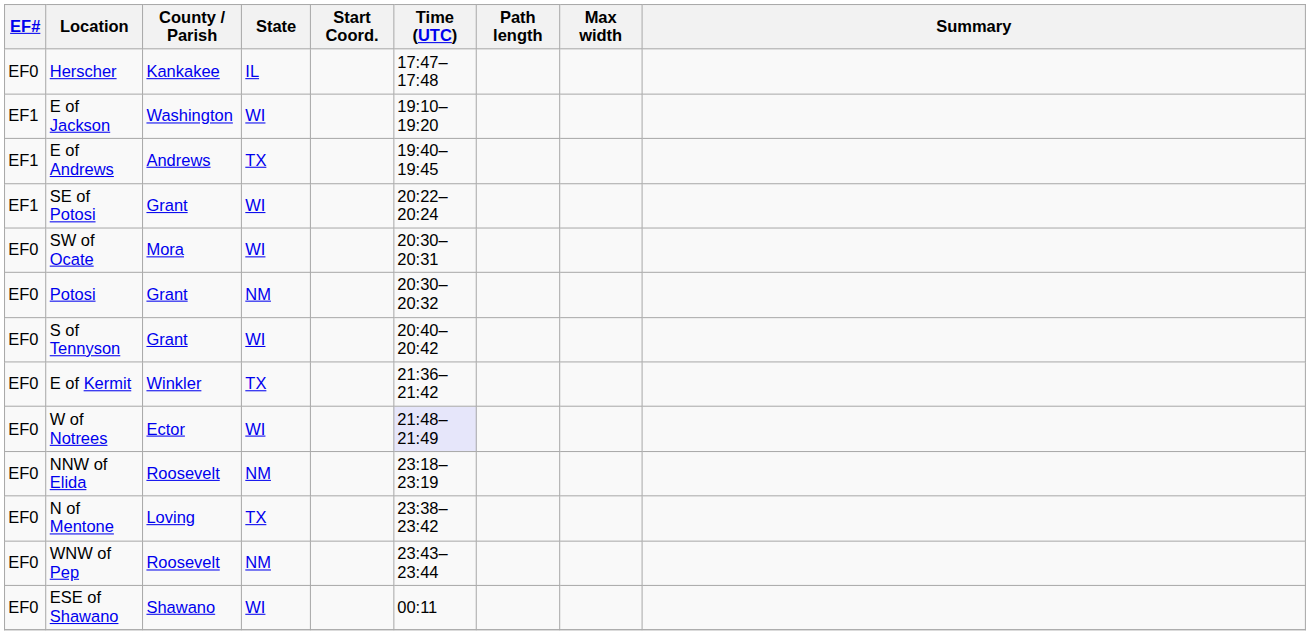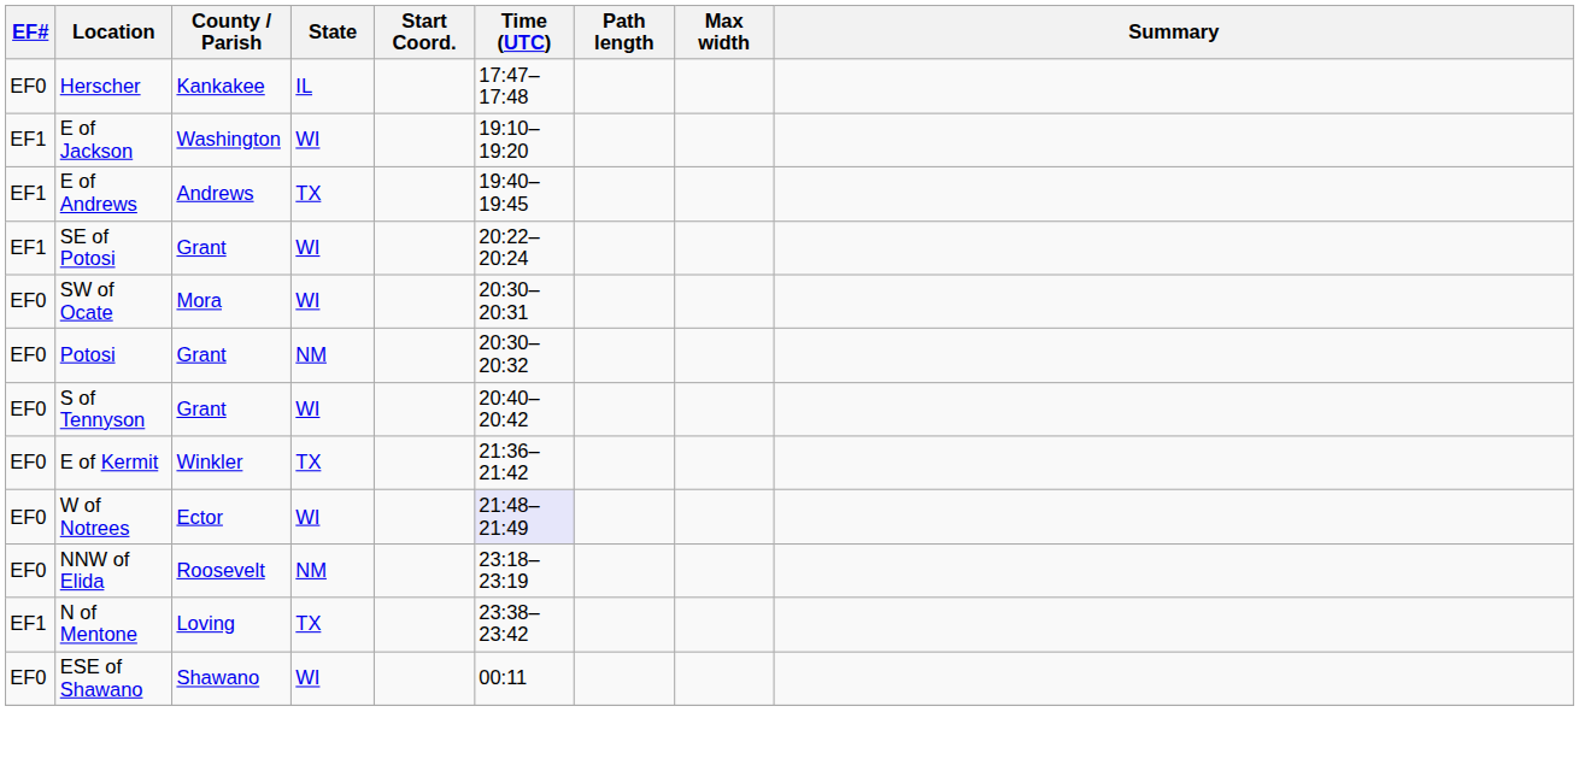 <table class="wikitable sortable" style="width:100%;">
 <tr>
 <th scope="col"  style="width:3%; text-align:center;"><a href='#'>EF#</a></th>
 <th scope="col"  style="width:7%; text-align:center;" class="unsortable">Location</th>
 <th scope="col"  style="width:6%; text-align:center;" class="unsortable">County / Parish</th>
 <th scope="col"  style="width:5%; text-align:center;">State</th>
 <th scope="col"  style="width:6%; text-align:center;">Start Coord.</th>
 <th scope="col"  style="width:6%; text-align:center;">Time (<a href='#'>UTC</a>)</th>
 <th scope="col"  style="width:6%; text-align:center;">Path length</th>
 <th scope="col"  style="width:6%; text-align:center;">Max width</th>
 <th scope="col" class="unsortable" style="width:48%; text-align:center;">Summary</th>
 </tr>
 <tr>
 <td>EF0</td>
 <td><a href='#'>Herscher</a></td>
 <td><a href='#'>Kankakee</a></td>
 <td><a href='#'>IL</a></td>
 <td></td>
 <td>17:47–17:48</td>
 <td></td>
 <td></td>
 <td></td>
 </tr>
 <tr>
 <td>EF1</td>
 <td>E of <a href='#'>Jackson</a></td>
 <td><a href='#'>Washington</a></td>
 <td><a href='#'>WI</a></td>
 <td></td>
 <td>19:10–19:20</td>
 <td></td>
 <td></td>
 <td></td>
 </tr>
 <tr>
 <td>EF1</td>
 <td>E of <a href='#'>Andrews</a></td>
 <td><a href='#'>Andrews</a></td>
 <td><a href='#'>TX</a></td>
 <td></td>
 <td>19:40–19:45</td>
 <td></td>
 <td></td>
 <td></td>
 </tr>
 <tr>
 <td>EF1</td>
 <td>SE of <a href='#'>Potosi</a></td>
 <td><a href='#'>Grant</a></td>
 <td><a href='#'>WI</a></td>
 <td></td>
 <td>20:22–20:24</td>
 <td></td>
 <td></td>
 <td></td>
 </tr>
 <tr>
 <td>EF0</td>
 <td>SW of <a href='#'>Ocate</a></td>
 <td><a href='#'>Mora</a></td>
 <td><a href='#'>WI</a></td>
 <td></td>
 <td>20:30–20:31</td>
 <td></td>
 <td></td>
 <td></td>
 </tr>
 <tr>
 <td>EF0</td>
 <td><a href='#'>Potosi</a></td>
 <td><a href='#'>Grant</a></td>
 <td><a href='#'>NM</a></td>
 <td></td>
 <td>20:30–20:32</td>
 <td></td>
 <td></td>
 <td></td>
 </tr>
 <tr>
 <td>EF0</td>
 <td>S of <a href='#'>Tennyson</a></td>
 <td><a href='#'>Grant</a></td>
 <td><a href='#'>WI</a></td>
 <td></td>
 <td>20:40–20:42</td>
 <td></td>
 <td></td>
 <td></td>
 </tr>
 <tr>
 <td>EF0</td>
 <td>E of <a href='#'>Kermit</a></td>
 <td><a href='#'>Winkler</a></td>
 <td><a href='#'>TX</a></td>
 <td></td>
 <td>21:36–21:42</td>
 <td></td>
 <td></td>
 <td></td>
 </tr>
 <tr>
 <td>EF0</td>
 <td>W of <a href='#'>Notrees</a></td>
 <td><a href='#'>Ector</a></td>
 <td><a href='#'>WI</a></td>
 <td></td>
 <td style="background: lavender;">21:48–21:49</td>
 <td></td>
 <td></td>
 <td></td>
 </tr>
 <tr>
 <td>EF0</td>
 <td>NNW of <a href='#'>Elida</a></td>
 <td><a href='#'>Roosevelt</a></td>
 <td><a href='#'>NM</a></td>
 <td></td>
 <td>23:18–23:19</td>
 <td></td>
 <td></td>
 <td></td>
 </tr>
 <tr>
-<td>EF0</td>
+<td>EF1</td>
 <td>N of <a href='#'>Mentone</a></td>
 <td><a href='#'>Loving</a></td>
 <td><a href='#'>TX</a></td>
 <td></td>
 <td>23:38–23:42</td>
-<td></td>
-<td></td>
-<td></td>
-</tr>
-<tr>
-<td>EF0</td>
-<td>WNW of <a href='#'>Pep</a></td>
-<td><a href='#'>Roosevelt</a></td>
-<td><a href='#'>NM</a></td>
-<td></td>
-<td>23:43–23:44</td>
 <td></td>
 <td></td>
 <td></td>
 </tr>
 <tr>
 <td>EF0</td>
 <td>ESE of <a href='#'>Shawano</a></td>
 <td><a href='#'>Shawano</a></td>
 <td><a href='#'>WI</a></td>
 <td></td>
 <td>00:11</td>
 <td></td>
 <td></td>
 <td></td>
 </tr>
 <tr>
 </tr>
 </table>
